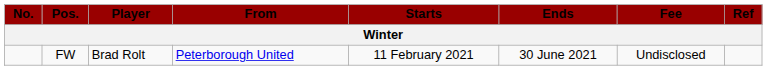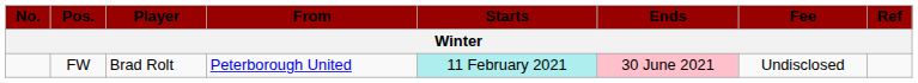 <table class="wikitable" style="text-align:center;width:75%;">
 <tr>
 <th style=background:#990000;color:#000000>No.</th>
 <th style=background:#990000;color:#000000>Pos.</th>
 <th style=background:#990000;color:#000000>Player</th>
 <th style=background:#990000;color:#000000>From</th>
 <th style=background:#990000;color:#000000>Starts</th>
 <th style=background:#990000;color:#000000>Ends</th>
 <th style=background:#990000;color:#000000>Fee</th>
 <th style=background:#990000;color:#000000>Ref</th>
 </tr>
 <tr>
 <th colspan=8>Winter</th>
 </tr>
 <tr>
 <td></td>
 <td>FW</td>
 <td align=left> Brad Rolt</td>
 <td align=left> <a href='#'>Peterborough United</a></td>
-<td>11 February 2021</td>
-<td>30 June 2021</td>
+<td style="background: paleturquoise;">11 February 2021</td>
+<td style="background: pink;">30 June 2021</td>
 <td>Undisclosed</td>
 <td></td>
 </tr>
 </table>
